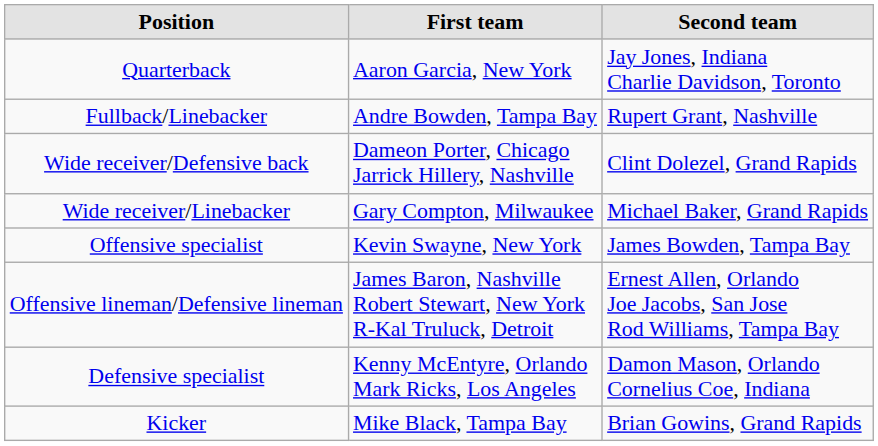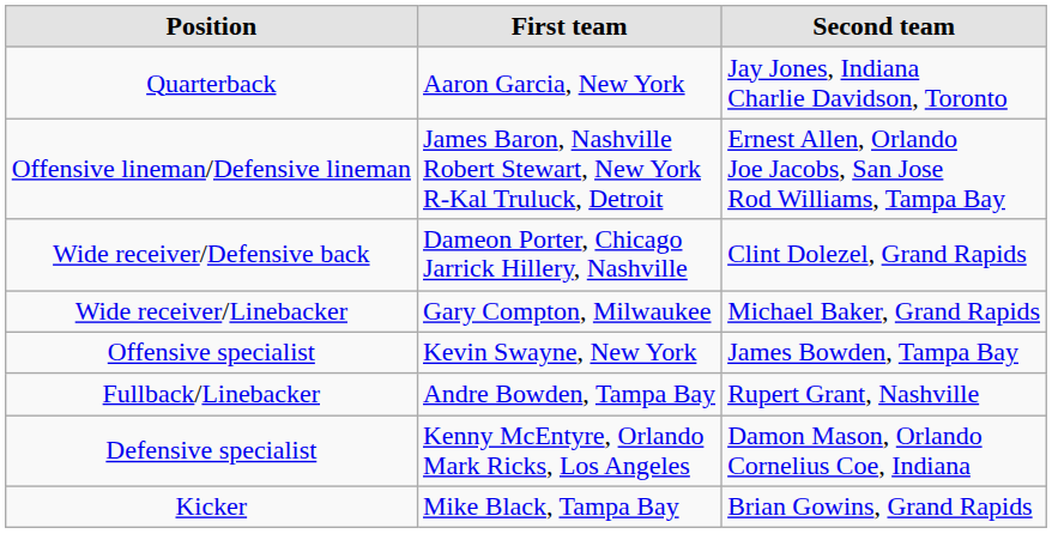 <table class="wikitable">
 <tr>
 <th style="background:#e3e3e3;">Position</th>
 <th style="background:#e3e3e3;">First team</th>
 <th style="background:#e3e3e3;">Second team</th>
 </tr>
 <tr>
 <td align=center><a href='#'>Quarterback</a></td>
 <td><a href='#'>Aaron Garcia</a>, <a href='#'>New York</a></td>
 <td><a href='#'>Jay Jones</a>, <a href='#'>Indiana</a><br><a href='#'>Charlie Davidson</a>, <a href='#'>Toronto</a></td>
 </tr>
 <tr>
-<td align=center><a href='#'>Fullback</a>/<a href='#'>Linebacker</a></td>
-<td><a href='#'>Andre Bowden</a>, <a href='#'>Tampa Bay</a></td>
-<td><a href='#'>Rupert Grant</a>, <a href='#'>Nashville</a></td>
+<td align=center><a href='#'>Offensive lineman</a>/<a href='#'>Defensive lineman</a></td>
+<td><a href='#'>James Baron</a>, <a href='#'>Nashville</a><br><a href='#'>Robert Stewart</a>, <a href='#'>New York</a><br><a href='#'>R-Kal Truluck</a>, <a href='#'>Detroit</a></td>
+<td><a href='#'>Ernest Allen</a>, <a href='#'>Orlando</a><br><a href='#'>Joe Jacobs</a>, <a href='#'>San Jose</a><br><a href='#'>Rod Williams</a>, <a href='#'>Tampa Bay</a></td>
 </tr>
 <tr>
 <td align=center><a href='#'>Wide receiver</a>/<a href='#'>Defensive back</a></td>
 <td><a href='#'>Dameon Porter</a>, <a href='#'>Chicago</a><br><a href='#'>Jarrick Hillery</a>, <a href='#'>Nashville</a></td>
 <td><a href='#'>Clint Dolezel</a>, <a href='#'>Grand Rapids</a></td>
 </tr>
 <tr>
 <td align=center><a href='#'>Wide receiver</a>/<a href='#'>Linebacker</a></td>
 <td><a href='#'>Gary Compton</a>, <a href='#'>Milwaukee</a></td>
 <td><a href='#'>Michael Baker</a>, <a href='#'>Grand Rapids</a></td>
 </tr>
 <tr>
 <td align=center><a href='#'>Offensive specialist</a></td>
 <td><a href='#'>Kevin Swayne</a>, <a href='#'>New York</a></td>
 <td><a href='#'>James Bowden</a>, <a href='#'>Tampa Bay</a></td>
 </tr>
 <tr>
-<td align=center><a href='#'>Offensive lineman</a>/<a href='#'>Defensive lineman</a></td>
-<td><a href='#'>James Baron</a>, <a href='#'>Nashville</a><br><a href='#'>Robert Stewart</a>, <a href='#'>New York</a><br><a href='#'>R-Kal Truluck</a>, <a href='#'>Detroit</a></td>
-<td><a href='#'>Ernest Allen</a>, <a href='#'>Orlando</a><br><a href='#'>Joe Jacobs</a>, <a href='#'>San Jose</a><br><a href='#'>Rod Williams</a>, <a href='#'>Tampa Bay</a></td>
+<td align=center><a href='#'>Fullback</a>/<a href='#'>Linebacker</a></td>
+<td><a href='#'>Andre Bowden</a>, <a href='#'>Tampa Bay</a></td>
+<td><a href='#'>Rupert Grant</a>, <a href='#'>Nashville</a></td>
 </tr>
 <tr>
 <td align=center><a href='#'>Defensive specialist</a></td>
 <td><a href='#'>Kenny McEntyre</a>, <a href='#'>Orlando</a><br><a href='#'>Mark Ricks</a>, <a href='#'>Los Angeles</a></td>
 <td><a href='#'>Damon Mason</a>, <a href='#'>Orlando</a><br><a href='#'>Cornelius Coe</a>, <a href='#'>Indiana</a></td>
 </tr>
 <tr>
 <td align=center><a href='#'>Kicker</a></td>
 <td><a href='#'>Mike Black</a>, <a href='#'>Tampa Bay</a></td>
 <td><a href='#'>Brian Gowins</a>, <a href='#'>Grand Rapids</a></td>
 </tr>
 </table>
